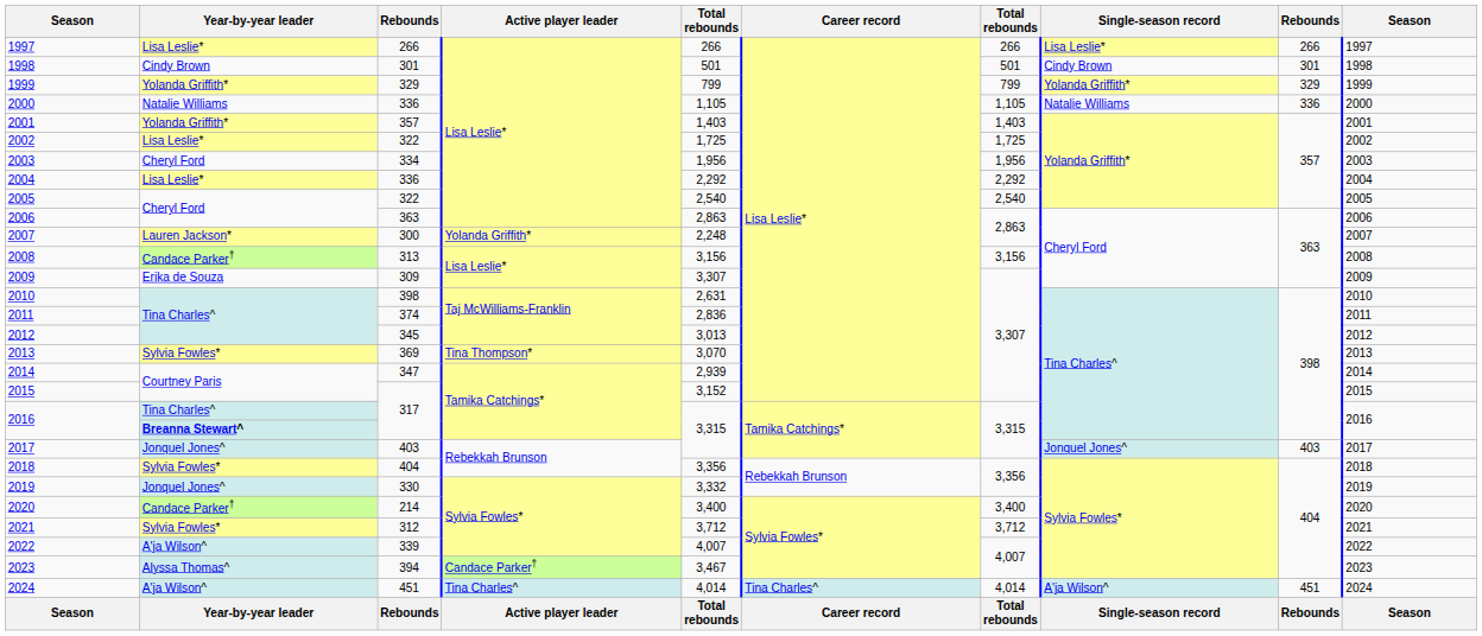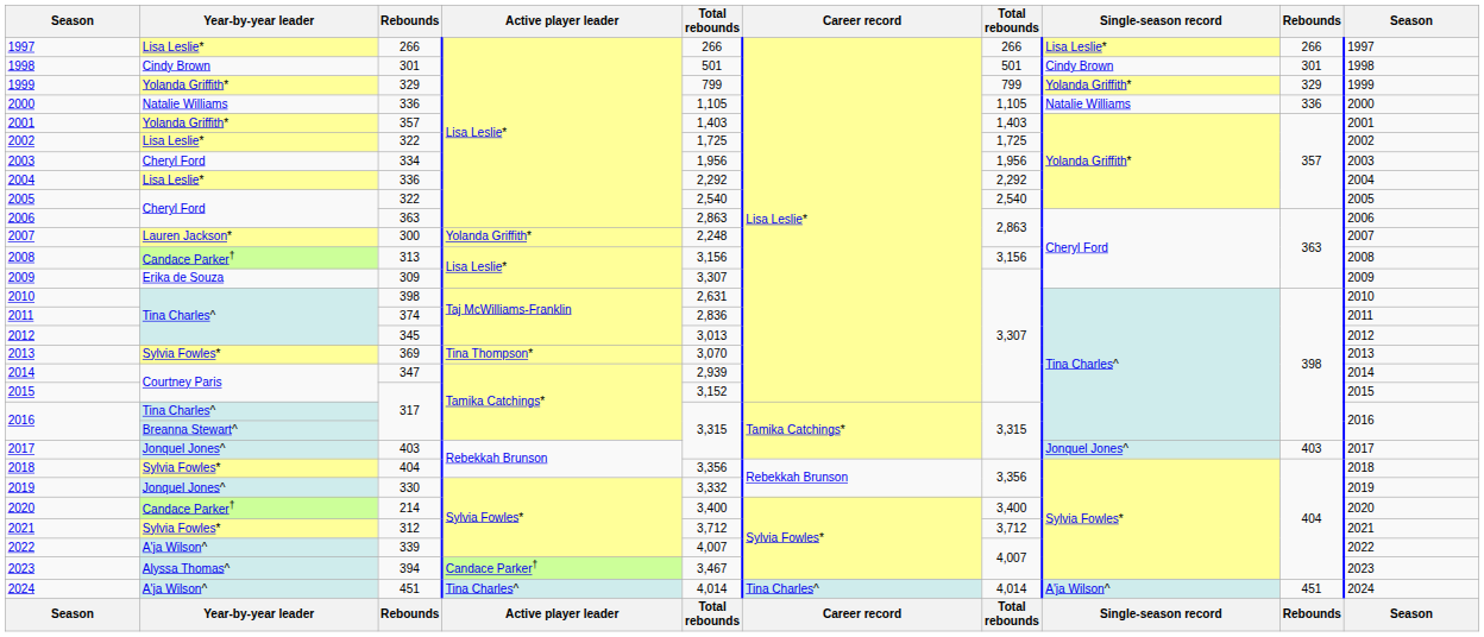 <table class="wikitable">
 <tr>
 <th width=10%>Season</th>
 <th width=18%>Year-by-year leader</th>
 <th>Rebounds</th>
 <th width=18%>Active player leader</th>
 <th>Total rebounds</th>
 <th width=18%>Career record</th>
 <th>Total rebounds</th>
 <th width=18%>Single-season record</th>
 <th>Rebounds</th>
 <th width=10%>Season</th>
 </tr>
 <tr>
 <td><a href='#'>1997</a></td>
 <td bgcolor="#ffff99"><a href='#'>Lisa Leslie</a>*</td>
 <td align=center style="border-right: solid blue">266</td>
 <td bgcolor="#ffff99" rowspan="10"><a href='#'>Lisa Leslie</a>*</td>
 <td align=center style="border-right: solid blue">266</td>
 <td bgcolor="#ffff99" rowspan="19"><a href='#'>Lisa Leslie</a>*</td>
 <td align=center style="border-right: solid blue">266</td>
 <td bgcolor="#ffff99"><a href='#'>Lisa Leslie</a>*</td>
 <td align=center style="border-right: solid blue">266</td>
 <td>1997</td>
 </tr>
 <tr>
 <td><a href='#'>1998</a></td>
 <td><a href='#'>Cindy Brown</a></td>
 <td align=center style="border-right: solid blue">301</td>
 <td align=center style="border-right: solid blue">501</td>
 <td align=center style="border-right: solid blue">501</td>
 <td><a href='#'>Cindy Brown</a></td>
 <td align=center style="border-right: solid blue">301</td>
 <td>1998</td>
 </tr>
 <tr>
 <td><a href='#'>1999</a></td>
 <td bgcolor="#ffff99"><a href='#'>Yolanda Griffith</a>*</td>
 <td align=center style="border-right: solid blue">329</td>
 <td align=center style="border-right: solid blue">799</td>
 <td align=center style="border-right: solid blue">799</td>
 <td bgcolor="#ffff99"><a href='#'>Yolanda Griffith</a>*</td>
 <td align=center style="border-right: solid blue">329</td>
 <td>1999</td>
 </tr>
 <tr>
 <td><a href='#'>2000</a></td>
 <td><a href='#'>Natalie Williams</a></td>
 <td align=center style="border-right: solid blue">336</td>
 <td align=center style="border-right: solid blue">1,105</td>
 <td align=center style="border-right: solid blue">1,105</td>
 <td><a href='#'>Natalie Williams</a></td>
 <td align=center style="border-right: solid blue">336</td>
 <td>2000</td>
 </tr>
 <tr>
 <td><a href='#'>2001</a></td>
 <td bgcolor="#ffff99"><a href='#'>Yolanda Griffith</a>*</td>
 <td align=center style="border-right: solid blue">357</td>
 <td align=center style="border-right: solid blue">1,403</td>
 <td align=center style="border-right: solid blue">1,403</td>
 <td bgcolor="#ffff99" rowspan="5"><a href='#'>Yolanda Griffith</a>*</td>
 <td align=center style="border-right: solid blue" rowspan="5">357</td>
 <td>2001</td>
 </tr>
 <tr>
 <td><a href='#'>2002</a></td>
 <td bgcolor="#ffff99"><a href='#'>Lisa Leslie</a>*</td>
 <td align=center style="border-right: solid blue">322</td>
 <td align=center style="border-right: solid blue">1,725</td>
 <td align=center style="border-right: solid blue">1,725</td>
 <td>2002</td>
 </tr>
 <tr>
 <td><a href='#'>2003</a></td>
 <td><a href='#'>Cheryl Ford</a></td>
 <td align=center style="border-right: solid blue">334</td>
 <td align=center style="border-right: solid blue">1,956</td>
 <td align=center style="border-right: solid blue">1,956</td>
 <td>2003</td>
 </tr>
 <tr>
 <td><a href='#'>2004</a></td>
 <td bgcolor="#ffff99"><a href='#'>Lisa Leslie</a>*</td>
 <td align=center style="border-right: solid blue">336</td>
 <td align=center style="border-right: solid blue">2,292</td>
 <td align=center style="border-right: solid blue">2,292</td>
 <td>2004</td>
 </tr>
 <tr>
 <td><a href='#'>2005</a></td>
 <td rowspan="2"><a href='#'>Cheryl Ford</a></td>
 <td align=center style="border-right: solid blue">322</td>
 <td align=center style="border-right: solid blue">2,540</td>
 <td align=center style="border-right: solid blue">2,540</td>
 <td>2005</td>
 </tr>
 <tr>
 <td><a href='#'>2006</a></td>
 <td align=center style="border-right: solid blue">363</td>
 <td align=center style="border-right: solid blue">2,863</td>
 <td align=center style="border-right: solid blue" rowspan="2">2,863</td>
 <td rowspan="4"><a href='#'>Cheryl Ford</a></td>
 <td align=center style="border-right: solid blue" rowspan="4">363</td>
 <td>2006</td>
 </tr>
 <tr>
 <td><a href='#'>2007</a></td>
 <td bgcolor="#ffff99"><a href='#'>Lauren Jackson</a>*</td>
 <td align=center style="border-right: solid blue">300</td>
 <td bgcolor="#ffff99"><a href='#'>Yolanda Griffith</a>*</td>
 <td align=center style="border-right: solid blue">2,248</td>
 <td>2007</td>
 </tr>
 <tr>
 <td><a href='#'>2008</a></td>
 <td bgcolor="#ccff99"><a href='#'>Candace Parker</a><sup>†</sup></td>
 <td align=center style="border-right: solid blue">313</td>
 <td bgcolor="#ffff99" rowspan="2"><a href='#'>Lisa Leslie</a>*</td>
 <td align=center style="border-right: solid blue">3,156</td>
 <td align=center style="border-right: solid blue">3,156</td>
 <td>2008</td>
 </tr>
 <tr>
 <td><a href='#'>2009</a></td>
 <td><a href='#'>Erika de Souza</a></td>
 <td align=center style="border-right: solid blue">309</td>
 <td align=center style="border-right: solid blue">3,307</td>
 <td align=center style="border-right: solid blue" rowspan="7">3,307</td>
 <td>2009</td>
 </tr>
 <tr>
 <td><a href='#'>2010</a></td>
 <td bgcolor="#cfecec" rowspan="3"><a href='#'>Tina Charles</a>^</td>
 <td align=center style="border-right: solid blue">398</td>
 <td bgcolor="#ffff99" rowspan="3"><a href='#'>Taj McWilliams-Franklin</a><br><br></td>
 <td align=center style="border-right: solid blue">2,631</td>
 <td bgcolor="#cfecec" rowspan="8"><a href='#'>Tina Charles</a>^</td>
 <td align=center style="border-right: solid blue" rowspan="8">398</td>
 <td>2010</td>
 </tr>
 <tr>
 <td><a href='#'>2011</a></td>
 <td align=center style="border-right: solid blue">374</td>
 <td align=center style="border-right: solid blue">2,836</td>
 <td>2011</td>
 </tr>
 <tr>
 <td><a href='#'>2012</a></td>
 <td align=center style="border-right: solid blue">345</td>
 <td align=center style="border-right: solid blue">3,013</td>
 <td>2012</td>
 </tr>
 <tr>
 <td><a href='#'>2013</a></td>
 <td bgcolor="#FFFF99"><a href='#'>Sylvia Fowles</a>*</td>
 <td align=center style="border-right: solid blue">369</td>
 <td bgcolor="#ffff99"><a href='#'>Tina Thompson</a>*</td>
 <td align=center style="border-right: solid blue">3,070</td>
 <td>2013</td>
 </tr>
 <tr>
 <td><a href='#'>2014</a></td>
 <td rowspan="2"><a href='#'>Courtney Paris</a></td>
 <td align=center style="border-right: solid blue">347</td>
 <td bgcolor="#ffff99" rowspan="4"><a href='#'>Tamika Catchings</a>*</td>
 <td align=center style="border-right: solid blue">2,939</td>
 <td>2014</td>
 </tr>
 <tr>
 <td><a href='#'>2015</a></td>
 <td align=center style="border-right: solid blue" rowspan="3">317</td>
 <td align=center style="border-right: solid blue">3,152</td>
 <td>2015</td>
 </tr>
 <tr>
 <td rowspan="2"><a href='#'>2016</a></td>
 <td bgcolor="#cfecec"><a href='#'>Tina Charles</a>^</td>
 <td align=center style="border-right: solid blue" rowspan="3">3,315</td>
 <td bgcolor="#ffff99" rowspan="3"><a href='#'>Tamika Catchings</a>*</td>
 <td align=center style="border-right: solid blue" rowspan="3">3,315</td>
 <td rowspan="2">2016</td>
 </tr>
 <tr>
-<td bgcolor="#cfecec"><strong><a href='#'>Breanna Stewart</a>^</strong></td>
+<td bgcolor="#cfecec"><a href='#'>Breanna Stewart</a>^</td>
 </tr>
 <tr>
 <td><a href='#'>2017</a></td>
 <td bgcolor="#cfecec"><a href='#'>Jonquel Jones</a>^</td>
 <td align=center style="border-right: solid blue">403</td>
 <td rowspan="2"><a href='#'>Rebekkah Brunson</a></td>
 <td bgcolor="#cfecec"><a href='#'>Jonquel Jones</a>^</td>
 <td align=center style="border-right: solid blue">403</td>
 <td>2017</td>
 </tr>
 <tr>
 <td><a href='#'>2018</a></td>
 <td bgcolor="#FFFF99"><a href='#'>Sylvia Fowles</a>*</td>
 <td align=center style="border-right: solid blue">404</td>
 <td align=center style="border-right: solid blue">3,356</td>
 <td rowspan="2"><a href='#'>Rebekkah Brunson</a></td>
 <td align=center style="border-right: solid blue" rowspan="2">3,356</td>
 <td bgcolor="#FFFF99" rowspan="6"><a href='#'>Sylvia Fowles</a>*</td>
 <td align=center style="border-right: solid blue" rowspan="6">404</td>
 <td>2018</td>
 </tr>
 <tr>
 <td><a href='#'>2019</a></td>
 <td bgcolor="#cfecec"><a href='#'>Jonquel Jones</a>^</td>
 <td align=center style="border-right: solid blue">330</td>
 <td bgcolor="#FFFF99" rowspan="4"><a href='#'>Sylvia Fowles</a>*</td>
 <td align=center style="border-right: solid blue">3,332</td>
 <td>2019</td>
 </tr>
 <tr>
 <td><a href='#'>2020</a></td>
 <td bgcolor="#CCFF99"><a href='#'>Candace Parker</a><sup>†</sup></td>
 <td align=center style="border-right: solid blue">214</td>
 <td align=center style="border-right: solid blue">3,400</td>
 <td bgcolor="#FFFF99" rowspan="4"><a href='#'>Sylvia Fowles</a>*</td>
 <td align=center style="border-right: solid blue">3,400</td>
 <td>2020</td>
 </tr>
 <tr>
 <td><a href='#'>2021</a></td>
 <td bgcolor="#FFFF99"><a href='#'>Sylvia Fowles</a>*</td>
 <td align=center style="border-right: solid blue">312</td>
 <td align=center style="border-right: solid blue">3,712</td>
 <td align=center style="border-right: solid blue">3,712</td>
 <td>2021</td>
 </tr>
 <tr>
 <td><a href='#'>2022</a></td>
 <td bgcolor="#cfecec"><a href='#'>A'ja Wilson</a>^</td>
 <td align=center style="border-right: solid blue">339</td>
 <td align=center style="border-right: solid blue">4,007</td>
 <td align=center style="border-right: solid blue" rowspan=2>4,007</td>
 <td>2022</td>
 </tr>
 <tr>
 <td><a href='#'>2023</a></td>
 <td bgcolor="#cfecec"><a href='#'>Alyssa Thomas</a>^</td>
 <td align=center style="border-right: solid blue">394</td>
 <td bgcolor="#ccff99"><a href='#'>Candace Parker</a><sup>†</sup></td>
 <td align=center style="border-right: solid blue">3,467</td>
 <td>2023</td>
 </tr>
 <tr>
 <td><a href='#'>2024</a></td>
 <td bgcolor="#cfecec"><a href='#'>A'ja Wilson</a>^</td>
 <td align=center style="border-right: solid blue">451</td>
 <td bgcolor="#cfecec"><a href='#'>Tina Charles</a>^</td>
 <td align=center style="border-right: solid blue">4,014</td>
 <td bgcolor="#cfecec"><a href='#'>Tina Charles</a>^</td>
 <td align=center style="border-right: solid blue">4,014</td>
 <td bgcolor="#cfecec" rowspan="1"><a href='#'>A'ja Wilson</a>^</td>
 <td align=center style="border-right: solid blue" rowspan="1">451</td>
 <td>2024</td>
 </tr>
 <tr>
 <th>Season</th>
 <th>Year-by-year leader</th>
 <th>Rebounds</th>
 <th>Active player leader</th>
 <th>Total rebounds</th>
 <th>Career record</th>
 <th>Total rebounds</th>
 <th>Single-season record</th>
 <th>Rebounds</th>
 <th>Season</th>
 </tr>
 </table>
